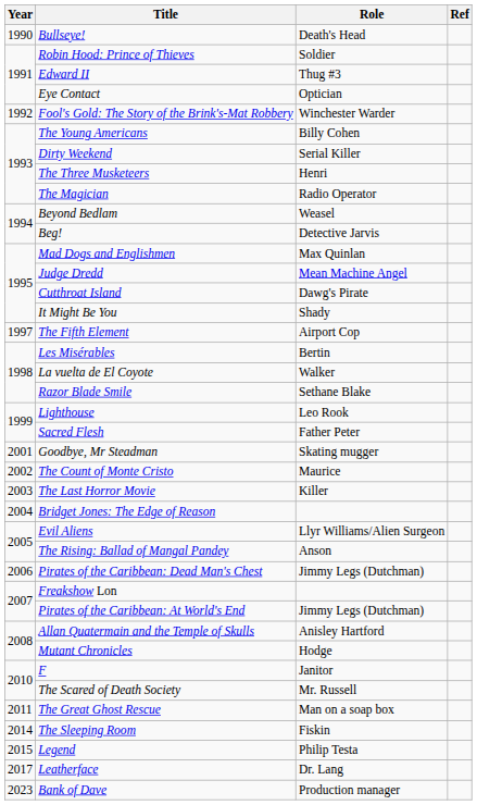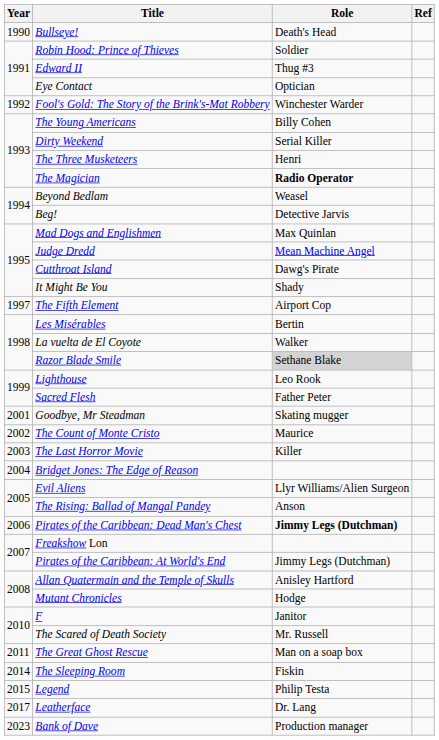 <table class="wikitable sortable">
 <tr>
 <th>Year</th>
 <th>Title</th>
 <th>Role</th>
 <th class="unsortable">Ref</th>
 </tr>
 <tr>
 <td>1990</td>
 <td><em><a href='#'>Bullseye!</a></em></td>
 <td>Death's Head</td>
 <td></td>
 </tr>
 <tr>
 <td rowspan="3">1991</td>
 <td><em><a href='#'>Robin Hood: Prince of Thieves</a></em></td>
 <td>Soldier</td>
 <td></td>
 </tr>
 <tr>
 <td><em><a href='#'>Edward II</a></em></td>
 <td>Thug #3</td>
 <td></td>
 </tr>
 <tr>
 <td><em>Eye Contact</em></td>
 <td>Optician</td>
 <td></td>
 </tr>
 <tr>
 <td>1992</td>
 <td><em><a href='#'>Fool's Gold: The Story of the Brink's-Mat Robbery</a></em></td>
 <td>Winchester Warder</td>
 <td></td>
 </tr>
 <tr>
 <td rowspan="4">1993</td>
 <td><em><a href='#'>The Young Americans</a></em></td>
 <td>Billy Cohen</td>
 <td></td>
 </tr>
 <tr>
 <td><em><a href='#'>Dirty Weekend</a></em></td>
 <td>Serial Killer</td>
 <td></td>
 </tr>
 <tr>
 <td><em><a href='#'>The Three Musketeers</a></em></td>
 <td>Henri</td>
 <td></td>
 </tr>
 <tr>
 <td><em><a href='#'>The Magician</a></em></td>
-<td>Radio Operator</td>
+<td><strong>Radio Operator</strong></td>
 <td></td>
 </tr>
 <tr>
 <td rowspan="2">1994</td>
 <td><em>Beyond Bedlam</em></td>
 <td>Weasel</td>
 <td></td>
 </tr>
 <tr>
 <td><em>Beg!</em></td>
 <td>Detective Jarvis</td>
 <td></td>
 </tr>
 <tr>
 <td rowspan="4">1995</td>
 <td><em><a href='#'>Mad Dogs and Englishmen</a></em></td>
 <td>Max Quinlan</td>
 <td></td>
 </tr>
 <tr>
 <td><em><a href='#'>Judge Dredd</a></em></td>
 <td><a href='#'>Mean Machine Angel</a></td>
 <td></td>
 </tr>
 <tr>
 <td><em><a href='#'>Cutthroat Island</a></em></td>
 <td>Dawg's Pirate</td>
 <td></td>
 </tr>
 <tr>
 <td><em>It Might Be You</em></td>
 <td>Shady</td>
 <td></td>
 </tr>
 <tr>
 <td>1997</td>
 <td><em><a href='#'>The Fifth Element</a></em></td>
 <td>Airport Cop</td>
 <td></td>
 </tr>
 <tr>
 <td rowspan="3">1998</td>
 <td><em><a href='#'>Les Misérables</a></em></td>
 <td>Bertin</td>
 <td></td>
 </tr>
 <tr>
 <td><em>La vuelta de El Coyote</em></td>
 <td>Walker</td>
 <td></td>
 </tr>
 <tr>
 <td><em><a href='#'>Razor Blade Smile</a></em></td>
-<td>Sethane Blake</td>
+<td style="background: lightgrey;">Sethane Blake</td>
 <td></td>
 </tr>
 <tr>
 <td rowspan="2">1999</td>
 <td><em><a href='#'>Lighthouse</a></em></td>
 <td>Leo Rook</td>
 <td></td>
 </tr>
 <tr>
 <td><em><a href='#'>Sacred Flesh</a></em></td>
 <td>Father Peter</td>
 <td></td>
 </tr>
 <tr>
 <td>2001</td>
 <td><em>Goodbye, Mr Steadman</em></td>
 <td>Skating mugger</td>
 <td></td>
 </tr>
 <tr>
 <td>2002</td>
 <td><em><a href='#'>The Count of Monte Cristo</a></em></td>
 <td>Maurice</td>
 <td></td>
 </tr>
 <tr>
 <td>2003</td>
 <td><em><a href='#'>The Last Horror Movie</a></em></td>
 <td>Killer</td>
 <td></td>
 </tr>
 <tr>
 <td>2004</td>
 <td><em><a href='#'>Bridget Jones: The Edge of Reason</a></em></td>
 <td></td>
 <td></td>
 </tr>
 <tr>
 <td rowspan="2">2005</td>
 <td><em><a href='#'>Evil Aliens</a></em></td>
 <td>Llyr Williams/Alien Surgeon</td>
 <td></td>
 </tr>
 <tr>
 <td><em><a href='#'>The Rising: Ballad of Mangal Pandey</a></em></td>
 <td>Anson</td>
 <td></td>
 </tr>
 <tr>
 <td>2006</td>
 <td><em><a href='#'>Pirates of the Caribbean: Dead Man's Chest</a></em></td>
-<td>Jimmy Legs (Dutchman)</td>
+<td><strong>Jimmy Legs (Dutchman)</strong></td>
 <td></td>
 </tr>
 <tr>
 <td rowspan="2">2007</td>
 <td><em><a href='#'>Freakshow</a></em> Lon</td>
 <td></td>
 </tr>
 <tr>
 <td><em><a href='#'>Pirates of the Caribbean: At World's End</a></em></td>
 <td>Jimmy Legs (Dutchman)</td>
 <td></td>
 </tr>
 <tr>
 <td rowspan="2">2008</td>
 <td><em><a href='#'>Allan Quatermain and the Temple of Skulls</a></em></td>
 <td>Anisley Hartford</td>
 <td></td>
 </tr>
 <tr>
 <td><em><a href='#'>Mutant Chronicles</a></em></td>
 <td>Hodge</td>
 <td></td>
 </tr>
 <tr>
 <td rowspan="2">2010</td>
 <td><em><a href='#'>F</a></em></td>
 <td>Janitor</td>
 <td></td>
 </tr>
 <tr>
 <td><em>The Scared of Death Society</em></td>
 <td>Mr. Russell</td>
 <td></td>
 </tr>
 <tr>
 <td>2011</td>
 <td><em><a href='#'>The Great Ghost Rescue</a></em></td>
 <td>Man on a soap box</td>
 <td></td>
 </tr>
 <tr>
 <td>2014</td>
 <td><em><a href='#'>The Sleeping Room</a></em></td>
 <td>Fiskin</td>
 <td></td>
 </tr>
 <tr>
 <td>2015</td>
 <td><em><a href='#'>Legend</a></em></td>
 <td>Philip Testa</td>
 <td></td>
 </tr>
 <tr>
 <td>2017</td>
 <td><em><a href='#'>Leatherface</a></em></td>
 <td>Dr. Lang</td>
 <td></td>
 </tr>
 <tr>
 <td>2023</td>
 <td><em><a href='#'>Bank of Dave</a></em></td>
 <td>Production manager</td>
 <td></td>
 </tr>
 </table>
